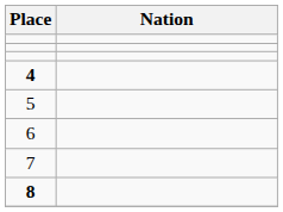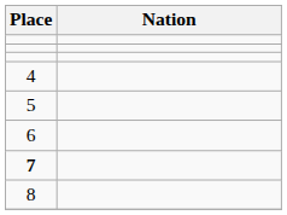 <table class=wikitable style=text-align:center>
 <tr>
 <th width=35>Place</th>
 <th width=185>Nation</th>
 </tr>
 <tr>
 <td></td>
 <td style=text-align:left></td>
 </tr>
 <tr>
 <td></td>
 <td style=text-align:left></td>
 </tr>
 <tr>
 <td></td>
 <td style=text-align:left></td>
 </tr>
 <tr>
-<td><strong>4</strong></td>
+<td>4</td>
 <td style=text-align:left></td>
 </tr>
 <tr>
 <td>5</td>
 <td style=text-align:left></td>
 </tr>
 <tr>
 <td>6</td>
 <td style=text-align:left></td>
 </tr>
 <tr>
-<td>7</td>
+<td><strong>7</strong></td>
 <td style=text-align:left></td>
 </tr>
 <tr>
-<td><strong>8</strong></td>
+<td>8</td>
 <td style=text-align:left></td>
 </tr>
 <tr>
 </tr>
 </table>
